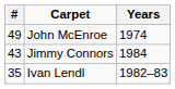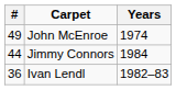 <table class="wikitable" style="display:inline-table;">
 <tr>
 <th>#</th>
 <th style="background: transparent;">Carpet</th>
 <th>Years</th>
 </tr>
 <tr>
 <td>49</td>
 <td> John McEnroe</td>
 <td>1974</td>
 </tr>
 <tr>
-<td>43</td>
+<td>44</td>
 <td> Jimmy Connors</td>
 <td>1984</td>
 </tr>
 <tr>
-<td>35</td>
+<td>36</td>
 <td> Ivan Lendl</td>
 <td>1982–83</td>
 </tr>
 </table>
